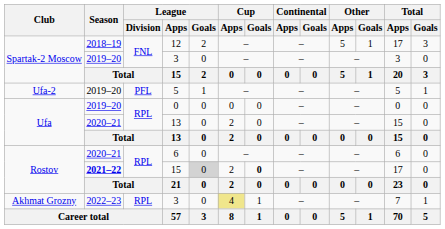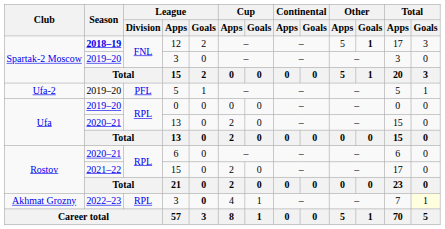 <table class="wikitable" style="text-align: center;">
 <tr>
 <th rowspan=2>Club</th>
 <th rowspan=2>Season</th>
 <th colspan=3>League</th>
 <th colspan=2>Cup</th>
 <th colspan=2>Continental</th>
 <th colspan=2>Other</th>
 <th colspan=2>Total</th>
 </tr>
 <tr>
 <th>Division</th>
 <th>Apps</th>
 <th>Goals</th>
 <th>Apps</th>
 <th>Goals</th>
 <th>Apps</th>
 <th>Goals</th>
 <th>Apps</th>
 <th>Goals</th>
 <th>Apps</th>
 <th>Goals</th>
 </tr>
 <tr>
 <td rowspan="3"><a href='#'>Spartak-2 Moscow</a></td>
-<td><a href='#'>2018–19</a></td>
+<td><strong><a href='#'>2018–19</a></strong></td>
 <td rowspan="2"><a href='#'>FNL</a></td>
 <td>12</td>
 <td>2</td>
 <td colspan=2>–</td>
 <td colspan=2>–</td>
 <td>5</td>
-<td>1</td>
+<td><strong>1</strong></td>
 <td>17</td>
 <td>3</td>
 </tr>
 <tr>
 <td><a href='#'>2019–20</a></td>
 <td>3</td>
 <td>0</td>
 <td colspan=2>–</td>
 <td colspan=2>–</td>
 <td colspan=2>–</td>
 <td>3</td>
 <td>0</td>
 </tr>
 <tr>
 <th colspan=2>Total</th>
 <th>15</th>
 <th>2</th>
 <th>0</th>
 <th>0</th>
 <th>0</th>
 <th>0</th>
 <th>5</th>
 <th>1</th>
 <th>20</th>
 <th>3</th>
 </tr>
 <tr>
 <td><a href='#'>Ufa-2</a></td>
 <td>2019–20</td>
 <td><a href='#'>PFL</a></td>
 <td>5</td>
 <td>1</td>
 <td colspan=2>–</td>
 <td colspan=2>–</td>
 <td colspan=2>–</td>
 <td>5</td>
 <td>1</td>
 </tr>
 <tr>
 <td rowspan="3"><a href='#'>Ufa</a></td>
 <td><a href='#'>2019–20</a></td>
 <td rowspan="2"><a href='#'>RPL</a></td>
 <td>0</td>
 <td>0</td>
 <td>0</td>
 <td>0</td>
 <td colspan=2>–</td>
 <td colspan=2>–</td>
 <td>0</td>
 <td>0</td>
 </tr>
 <tr>
 <td><a href='#'>2020–21</a></td>
 <td>13</td>
 <td>0</td>
 <td>2</td>
 <td>0</td>
 <td colspan=2>–</td>
 <td colspan=2>–</td>
 <td>15</td>
 <td>0</td>
 </tr>
 <tr>
 <th colspan=2>Total</th>
 <th>13</th>
 <th>0</th>
 <th>2</th>
 <th>0</th>
 <th>0</th>
 <th>0</th>
 <th>0</th>
 <th>0</th>
 <th>15</th>
 <th>0</th>
 </tr>
 <tr>
 <td rowspan="3"><a href='#'>Rostov</a></td>
 <td><a href='#'>2020–21</a></td>
 <td rowspan="2"><a href='#'>RPL</a></td>
 <td>6</td>
 <td>0</td>
 <td colspan=2>–</td>
 <td colspan=2>–</td>
 <td colspan=2>–</td>
 <td>6</td>
 <td>0</td>
 </tr>
 <tr>
-<td><strong><a href='#'>2021–22</a></strong></td>
+<td><a href='#'>2021–22</a></td>
 <td>15</td>
-<td style="background: lightgrey;">0</td>
+<td>0</td>
 <td>2</td>
-<td><strong>0</strong></td>
+<td>0</td>
 <td colspan=2>–</td>
 <td colspan=2>–</td>
 <td>17</td>
 <td>0</td>
 </tr>
 <tr>
 <th colspan=2>Total</th>
 <th>21</th>
 <th>0</th>
 <th>2</th>
 <th>0</th>
 <th>0</th>
 <th>0</th>
 <th>0</th>
 <th>0</th>
 <th>23</th>
 <th>0</th>
 </tr>
 <tr>
 <td><a href='#'>Akhmat Grozny</a></td>
 <td><a href='#'>2022–23</a></td>
 <td><a href='#'>RPL</a></td>
 <td>3</td>
-<td>0</td>
-<td style="background: khaki;">4</td>
+<td><strong>0</strong></td>
+<td>4</td>
 <td>1</td>
 <td colspan=2>–</td>
 <td colspan=2>–</td>
 <td>7</td>
-<td>1</td>
+<td style="background: lightyellow;">1</td>
 </tr>
 <tr>
 <th colspan=3>Career total</th>
 <th>57</th>
 <th>3</th>
 <th>8</th>
 <th>1</th>
 <th>0</th>
 <th>0</th>
 <th>5</th>
 <th>1</th>
 <th>70</th>
 <th>5</th>
 </tr>
 </table>
